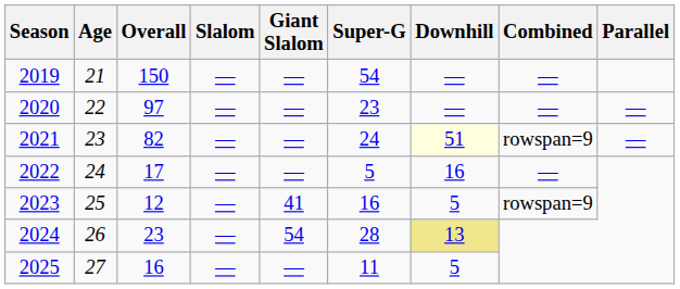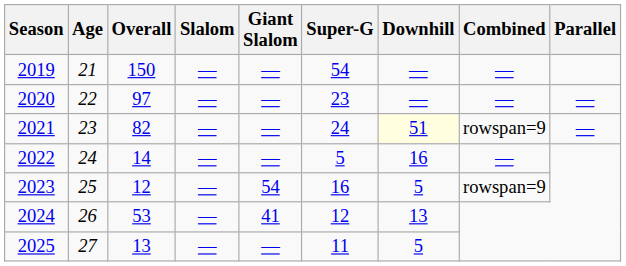 <table class=wikitable style="text-align:center">
 <tr>
 <th>Season</th>
 <th>Age</th>
 <th>Overall</th>
 <th>Slalom</th>
 <th>Giant<br>Slalom</th>
 <th>Super-G</th>
 <th>Downhill</th>
 <th>Combined</th>
 <th>Parallel</th>
 </tr>
 <tr>
 <td><a href='#'>2019</a></td>
 <td><em>21</em></td>
 <td><a href='#'>150</a></td>
 <td><a href='#'>—</a></td>
 <td><a href='#'>—</a></td>
 <td><a href='#'>54</a></td>
 <td><a href='#'>—</a></td>
 <td><a href='#'>—</a></td>
 <td></td>
 </tr>
 <tr>
 <td><a href='#'>2020</a></td>
 <td><em>22</em></td>
 <td><a href='#'>97</a></td>
 <td><a href='#'>—</a></td>
 <td><a href='#'>—</a></td>
 <td><a href='#'>23</a></td>
 <td><a href='#'>—</a></td>
 <td><a href='#'>—</a></td>
 <td><a href='#'>—</a></td>
 </tr>
 <tr>
 <td><a href='#'>2021</a></td>
 <td><em>23</em></td>
 <td><a href='#'>82</a></td>
 <td><a href='#'>—</a></td>
 <td><a href='#'>—</a></td>
 <td><a href='#'>24</a></td>
 <td style="background: lightyellow;"><a href='#'>51</a></td>
 <td>rowspan=9</td>
 <td><a href='#'>—</a></td>
 </tr>
 <tr>
 <td><a href='#'>2022</a></td>
 <td><em>24</em></td>
-<td><a href='#'>17</a></td>
+<td><a href='#'>14</a></td>
 <td><a href='#'>—</a></td>
 <td><a href='#'>—</a></td>
 <td><a href='#'>5</a></td>
 <td><a href='#'>16</a></td>
 <td><a href='#'>—</a></td>
 </tr>
 <tr>
 <td><a href='#'>2023</a></td>
 <td><em>25</em></td>
 <td><a href='#'>12</a></td>
 <td><a href='#'>—</a></td>
-<td><a href='#'>41</a></td>
+<td><a href='#'>54</a></td>
 <td><a href='#'>16</a></td>
 <td><a href='#'>5</a></td>
 <td>rowspan=9</td>
 </tr>
 <tr>
 <td><a href='#'>2024</a></td>
 <td><em>26</em></td>
-<td><a href='#'>23</a></td>
+<td><a href='#'>53</a></td>
 <td><a href='#'>—</a></td>
-<td><a href='#'>54</a></td>
-<td><a href='#'>28</a></td>
-<td style="background: khaki;"><a href='#'>13</a></td>
+<td><a href='#'>41</a></td>
+<td><a href='#'>12</a></td>
+<td><a href='#'>13</a></td>
 </tr>
 <tr>
 <td><a href='#'>2025</a></td>
 <td><em>27</em></td>
-<td><a href='#'>16</a></td>
+<td><a href='#'>13</a></td>
 <td><a href='#'>—</a></td>
 <td><a href='#'>—</a></td>
 <td><a href='#'>11</a></td>
 <td><a href='#'>5</a></td>
 </tr>
 </table>
